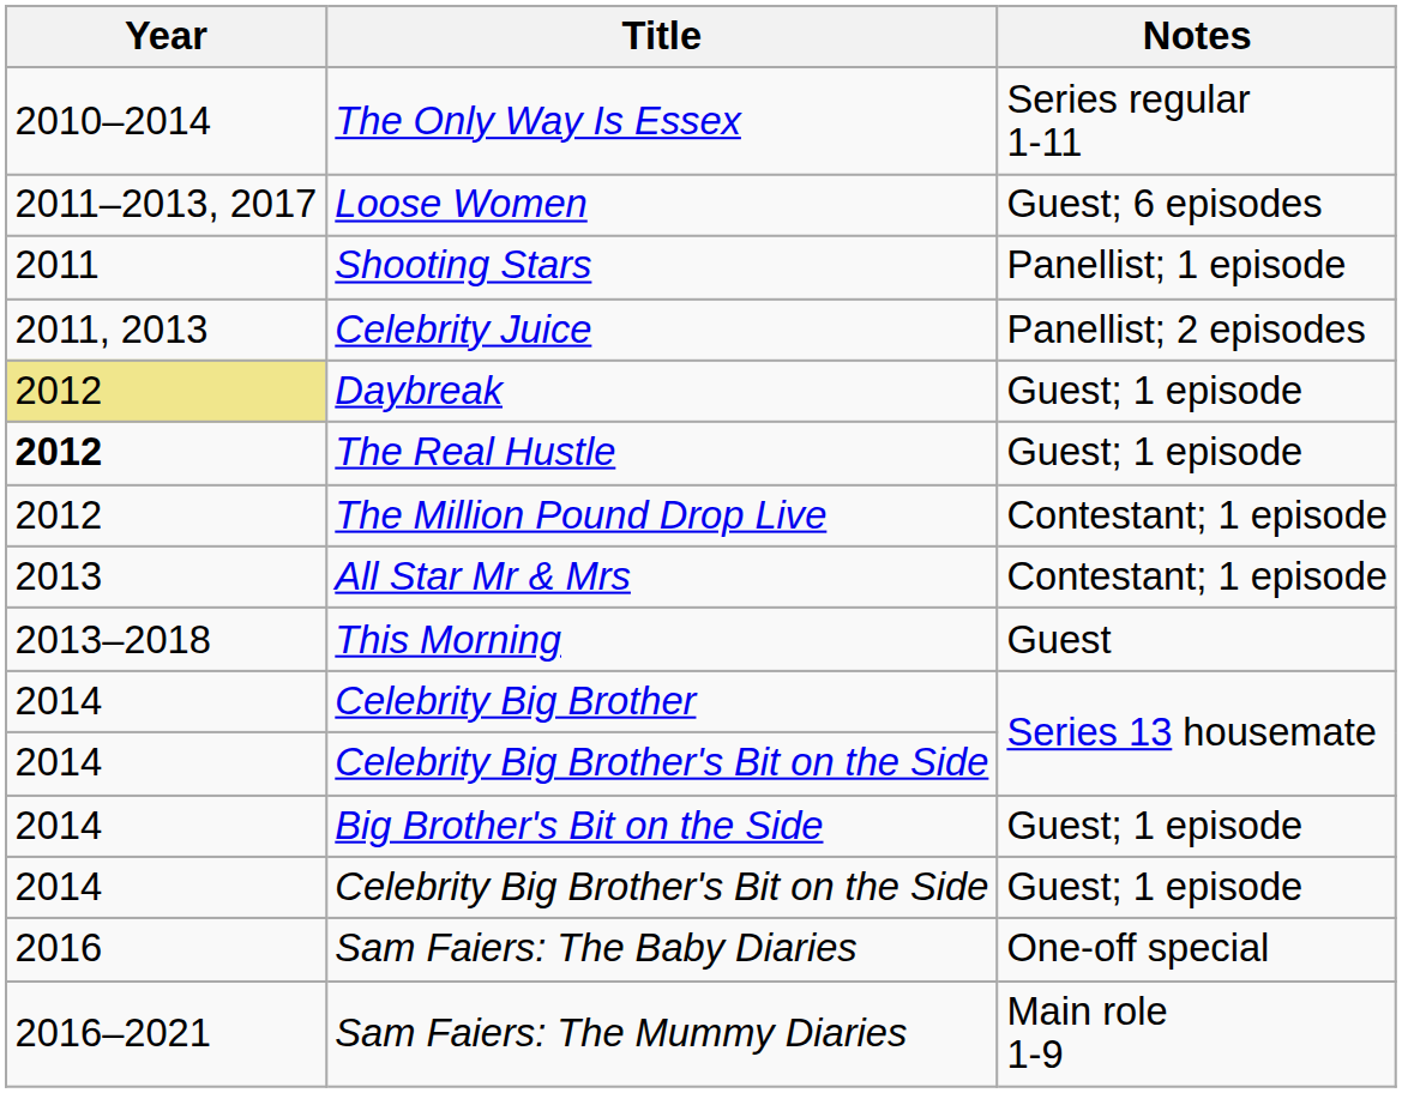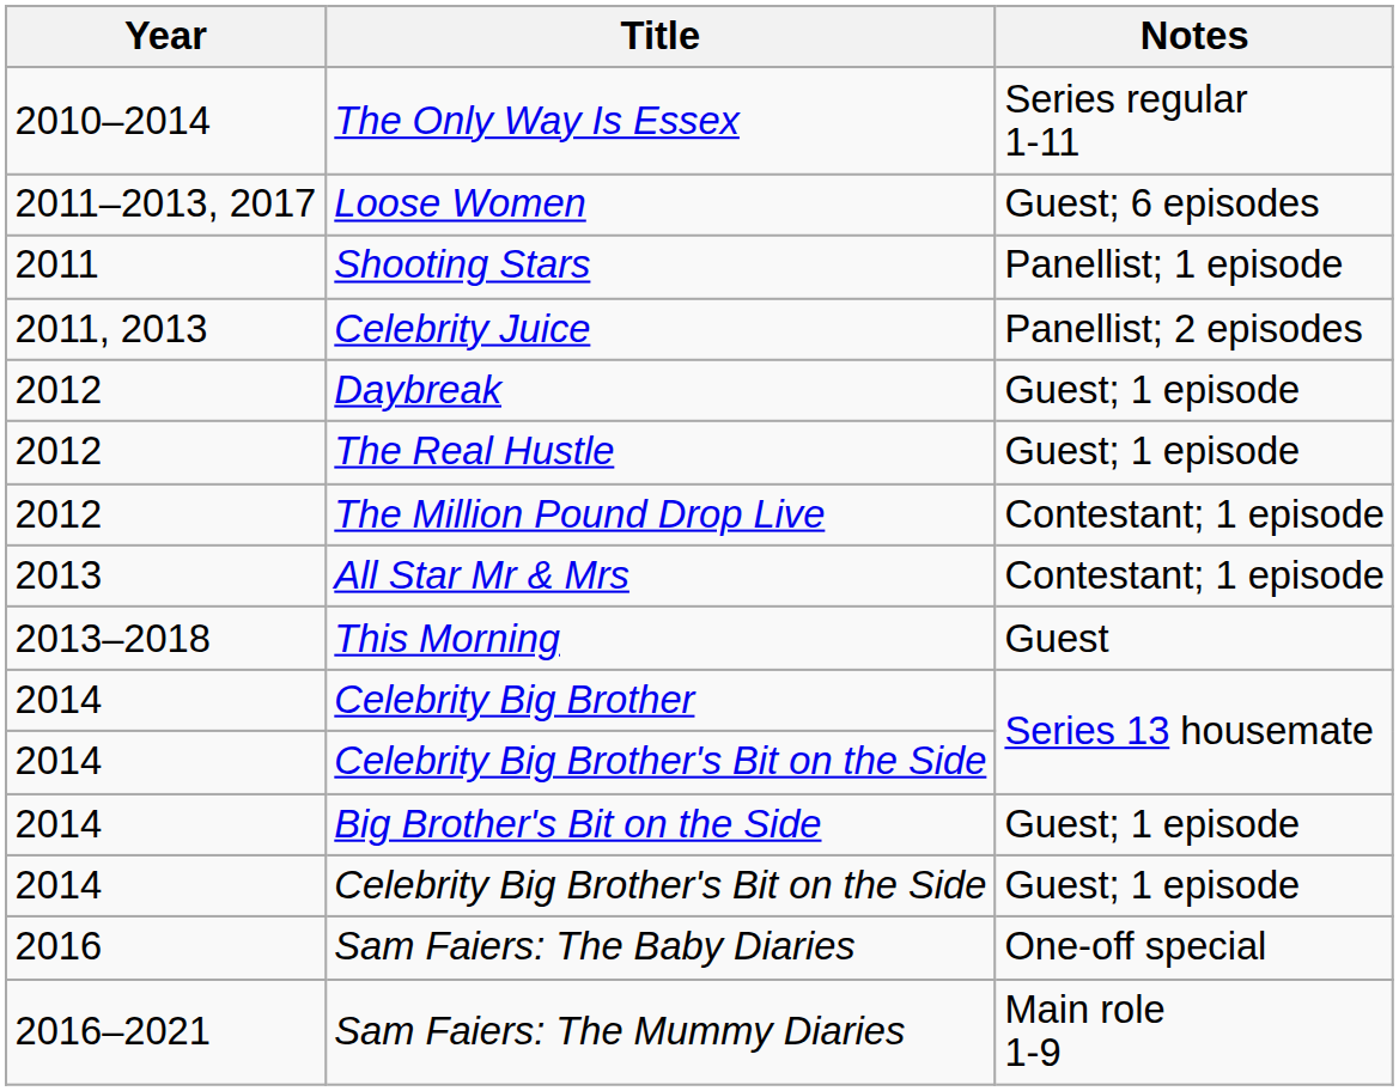 <table class="wikitable unsortable">
 <tr>
 <th>Year</th>
 <th>Title</th>
 <th>Notes</th>
 </tr>
 <tr>
 <td>2010–2014</td>
 <td><em><a href='#'>The Only Way Is Essex</a></em></td>
 <td>Series regular<br>1-11</td>
 </tr>
 <tr>
 <td>2011–2013, 2017</td>
 <td><em><a href='#'>Loose Women</a></em></td>
 <td>Guest; 6 episodes</td>
 </tr>
 <tr>
 <td>2011</td>
 <td><em><a href='#'>Shooting Stars</a></em></td>
 <td>Panellist; 1 episode</td>
 </tr>
 <tr>
 <td>2011, 2013</td>
 <td><em><a href='#'>Celebrity Juice</a></em></td>
 <td>Panellist; 2 episodes</td>
 </tr>
 <tr>
-<td style="background: khaki;">2012</td>
+<td>2012</td>
 <td><em><a href='#'>Daybreak</a></em></td>
 <td>Guest; 1 episode</td>
 </tr>
 <tr>
-<td><strong>2012</strong></td>
+<td>2012</td>
 <td><em><a href='#'>The Real Hustle</a></em></td>
 <td>Guest; 1 episode</td>
 </tr>
 <tr>
 <td>2012</td>
 <td><em><a href='#'>The Million Pound Drop Live</a></em></td>
 <td>Contestant; 1 episode</td>
 </tr>
 <tr>
 <td>2013</td>
 <td><em><a href='#'>All Star Mr & Mrs</a></em></td>
 <td>Contestant; 1 episode</td>
 </tr>
 <tr>
 <td>2013–2018</td>
 <td><em><a href='#'>This Morning</a></em></td>
 <td>Guest</td>
 </tr>
 <tr>
 <td>2014</td>
 <td><em><a href='#'>Celebrity Big Brother</a></em></td>
 <td rowspan="2"><a href='#'>Series 13</a> housemate</td>
 </tr>
 <tr>
 <td>2014</td>
 <td><em><a href='#'>Celebrity Big Brother's Bit on the Side</a></em></td>
 </tr>
 <tr>
 <td>2014</td>
 <td><em><a href='#'>Big Brother's Bit on the Side</a></em></td>
 <td>Guest; 1 episode</td>
 </tr>
 <tr>
 <td>2014</td>
 <td><em>Celebrity Big Brother's Bit on the Side</em></td>
 <td>Guest; 1 episode</td>
 </tr>
 <tr>
 <td>2016</td>
 <td><em>Sam Faiers: The Baby Diaries</em></td>
 <td>One-off special</td>
 </tr>
 <tr>
 <td>2016–2021</td>
 <td><em>Sam Faiers: The Mummy Diaries</em></td>
 <td>Main role<br>1-9</td>
 </tr>
 </table>
